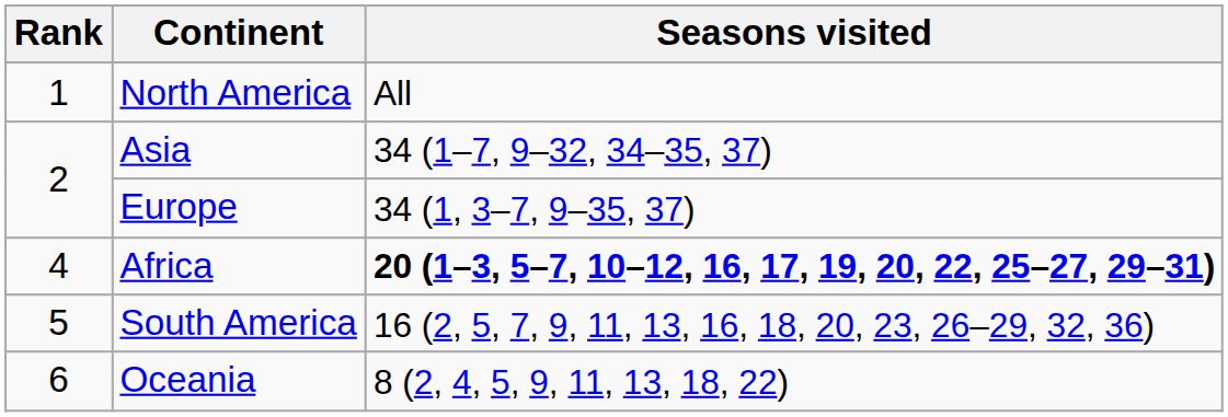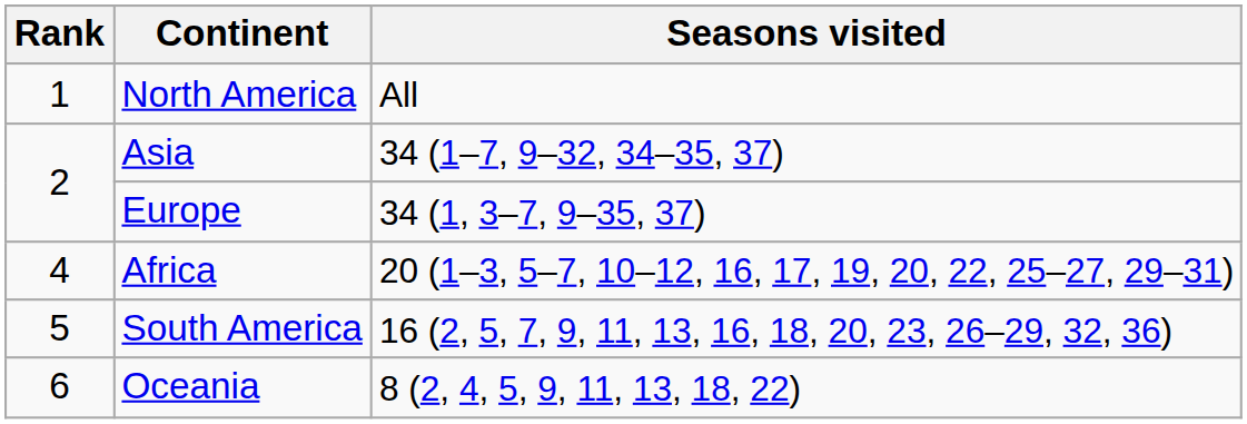 <table class="wikitable">
 <tr>
 <th>Rank</th>
 <th>Continent</th>
 <th>Seasons visited</th>
 </tr>
 <tr>
 <td style="text-align:center;">1</td>
 <td><a href='#'>North America</a></td>
 <td style="font-size:95%">All</td>
 </tr>
 <tr>
 <td rowspan="2" style="text-align:center;">2</td>
 <td><a href='#'>Asia</a></td>
 <td style="font-size:95%">34 (<a href='#'>1</a>–<a href='#'>7</a>, <a href='#'>9</a>–<a href='#'>32</a>, <a href='#'>34</a>–<a href='#'>35</a>, <a href='#'>37</a>)</td>
 </tr>
 <tr>
 <td><a href='#'>Europe</a></td>
 <td style="font-size:95%">34 (<a href='#'>1</a>, <a href='#'>3</a>–<a href='#'>7</a>, <a href='#'>9</a>–<a href='#'>35</a>, <a href='#'>37</a>)</td>
 </tr>
 <tr>
 <td style="text-align:center;">4</td>
 <td><a href='#'>Africa</a></td>
-<td style="font-size:95%"><strong>20 (<a href='#'>1</a>–<a href='#'>3</a>, <a href='#'>5</a>–<a href='#'>7</a>, <a href='#'>10</a>–<a href='#'>12</a>, <a href='#'>16</a>, <a href='#'>17</a>, <a href='#'>19</a>, <a href='#'>20</a>, <a href='#'>22</a>, <a href='#'>25</a>–<a href='#'>27</a>, <a href='#'>29</a>–<a href='#'>31</a>)</strong></td>
+<td style="font-size:95%">20 (<a href='#'>1</a>–<a href='#'>3</a>, <a href='#'>5</a>–<a href='#'>7</a>, <a href='#'>10</a>–<a href='#'>12</a>, <a href='#'>16</a>, <a href='#'>17</a>, <a href='#'>19</a>, <a href='#'>20</a>, <a href='#'>22</a>, <a href='#'>25</a>–<a href='#'>27</a>, <a href='#'>29</a>–<a href='#'>31</a>)</td>
 </tr>
 <tr>
 <td style="text-align:center;">5</td>
 <td><a href='#'>South America</a></td>
 <td style="font-size:95%">16 (<a href='#'>2</a>, <a href='#'>5</a>, <a href='#'>7</a>, <a href='#'>9</a>, <a href='#'>11</a>, <a href='#'>13</a>, <a href='#'>16</a>, <a href='#'>18</a>, <a href='#'>20</a>, <a href='#'>23</a>, <a href='#'>26</a>–<a href='#'>29</a>, <a href='#'>32</a>, <a href='#'>36</a>)</td>
 </tr>
 <tr>
 <td style="text-align:center;">6</td>
 <td><a href='#'>Oceania</a></td>
 <td style="font-size:95%">8 (<a href='#'>2</a>, <a href='#'>4</a>, <a href='#'>5</a>, <a href='#'>9</a>, <a href='#'>11</a>, <a href='#'>13</a>, <a href='#'>18</a>, <a href='#'>22</a>)</td>
 </tr>
 </table>
